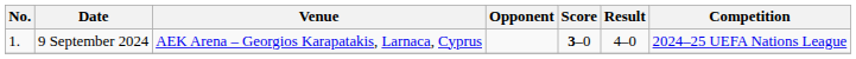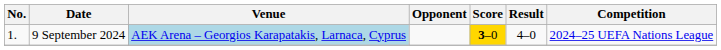 <table class="wikitable">
 <tr>
 <th>No.</th>
 <th>Date</th>
 <th>Venue</th>
 <th>Opponent</th>
 <th>Score</th>
 <th>Result</th>
 <th>Competition</th>
 </tr>
 <tr>
 <td>1.</td>
 <td>9 September 2024</td>
-<td><a href='#'>AEK Arena – Georgios Karapatakis</a>, <a href='#'>Larnaca</a>, <a href='#'>Cyprus</a></td>
+<td style="background: lightblue;"><a href='#'>AEK Arena – Georgios Karapatakis</a>, <a href='#'>Larnaca</a>, <a href='#'>Cyprus</a></td>
 <td></td>
-<td align=center><strong>3</strong>–0</td>
+<td align=center style="background: gold;"><strong>3</strong>–0</td>
 <td align=center>4–0</td>
 <td><a href='#'>2024–25 UEFA Nations League</a></td>
 </tr>
 <tr>
 </tr>
 </table>
